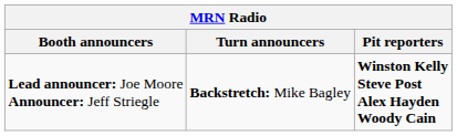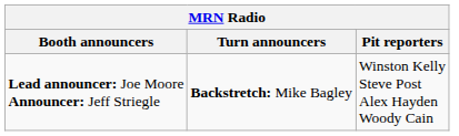 <table class="wikitable" style="font-size: 95%;">
 <tr>
 <th colspan="3"><a href='#'>MRN</a> Radio</th>
 </tr>
 <tr>
 <th>Booth announcers</th>
 <th>Turn announcers</th>
 <th>Pit reporters</th>
 </tr>
 <tr>
 <td><strong>Lead announcer:</strong> Joe Moore<br><strong>Announcer:</strong> Jeff Striegle</td>
 <td><strong>Backstretch:</strong> Mike Bagley</td>
-<td><strong>Winston Kelly<br>Steve Post<br>Alex Hayden<br>Woody Cain</strong></td>
+<td>Winston Kelly<br>Steve Post<br>Alex Hayden<br>Woody Cain</td>
 </tr>
 </table>
